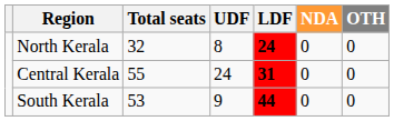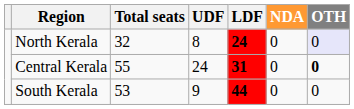 <table class="wikitable sortable" style="text-align:centre;">
 <tr>
 <th></th>
 <th>Region</th>
 <th>Total seats</th>
 <th style="background:">UDF</th>
 <th style="background:">LDF</th>
 <th style="background:#FF9933; color:white;">NDA</th>
 <th style="background:grey; color:white;">OTH</th>
 </tr>
 <tr>
 <td rowspan="3"></td>
 <td>North Kerala</td>
 <td>32</td>
 <td>8</td>
 <td style="background:#FF0000"><strong>24</strong></td>
 <td>0</td>
-<td>0</td>
+<td style="background: lavender;">0</td>
 </tr>
 <tr>
 <td>Central Kerala</td>
 <td>55</td>
 <td>24</td>
 <td style="background:#FF0000"><strong>31</strong></td>
 <td>0</td>
-<td>0</td>
+<td><strong>0</strong></td>
 </tr>
 <tr>
 <td>South Kerala</td>
 <td>53</td>
 <td>9</td>
 <td style="background:#FF0000"><strong>44</strong></td>
 <td>0</td>
 <td>0</td>
 </tr>
 </table>
